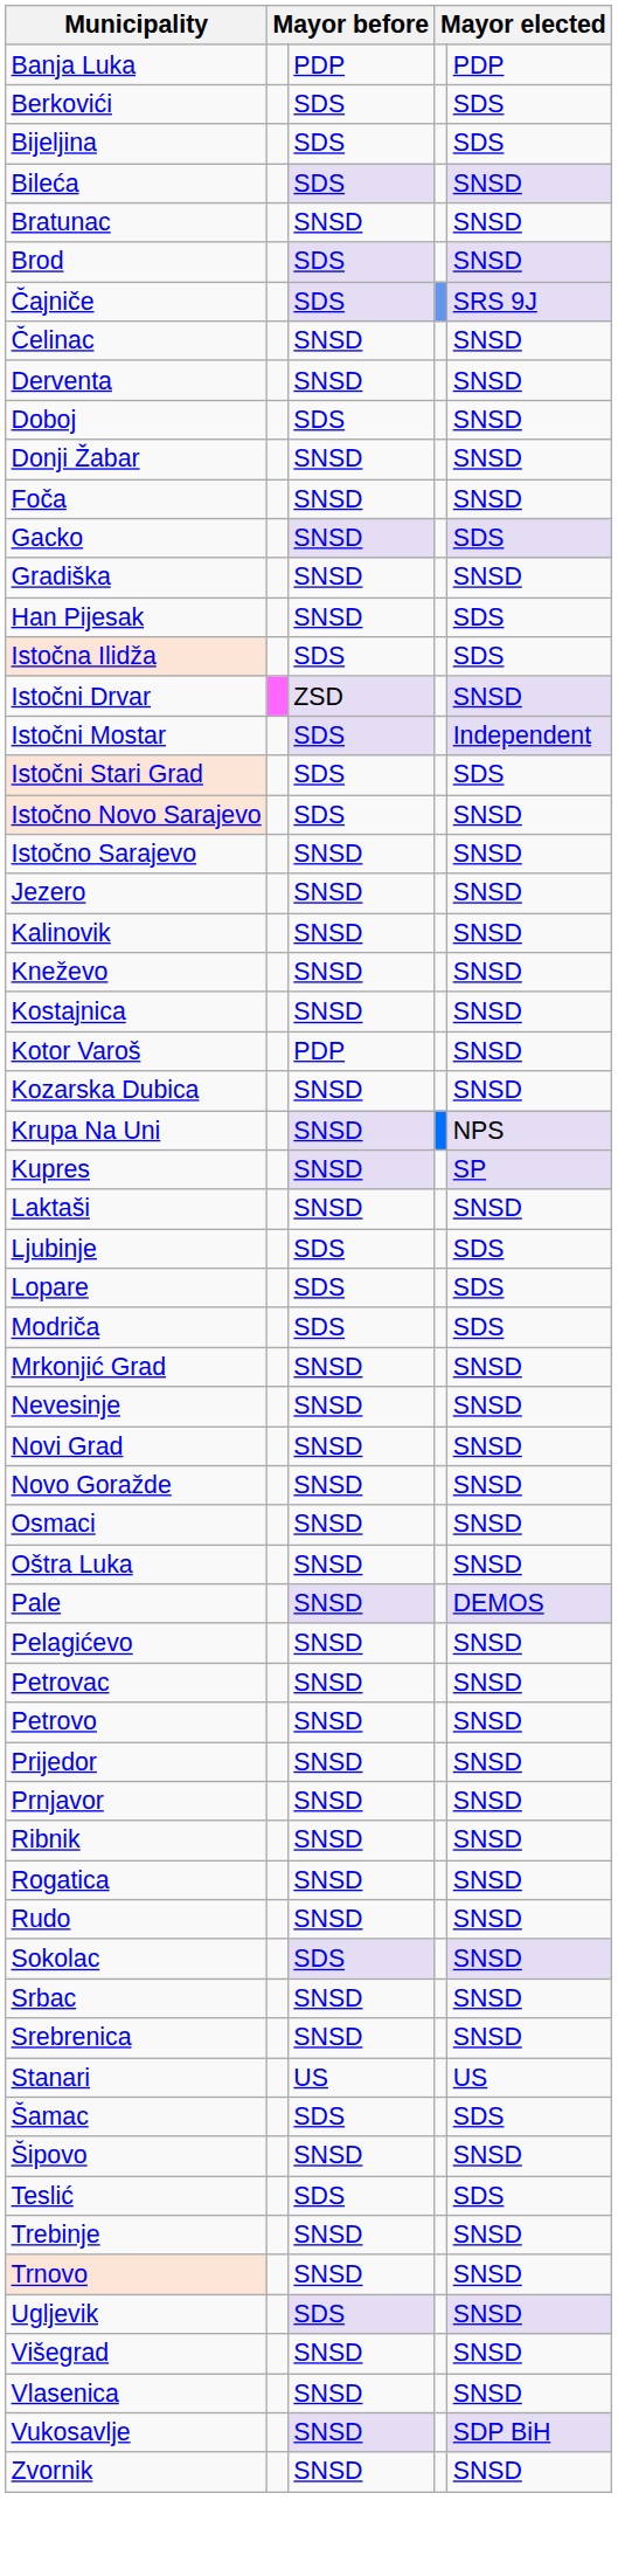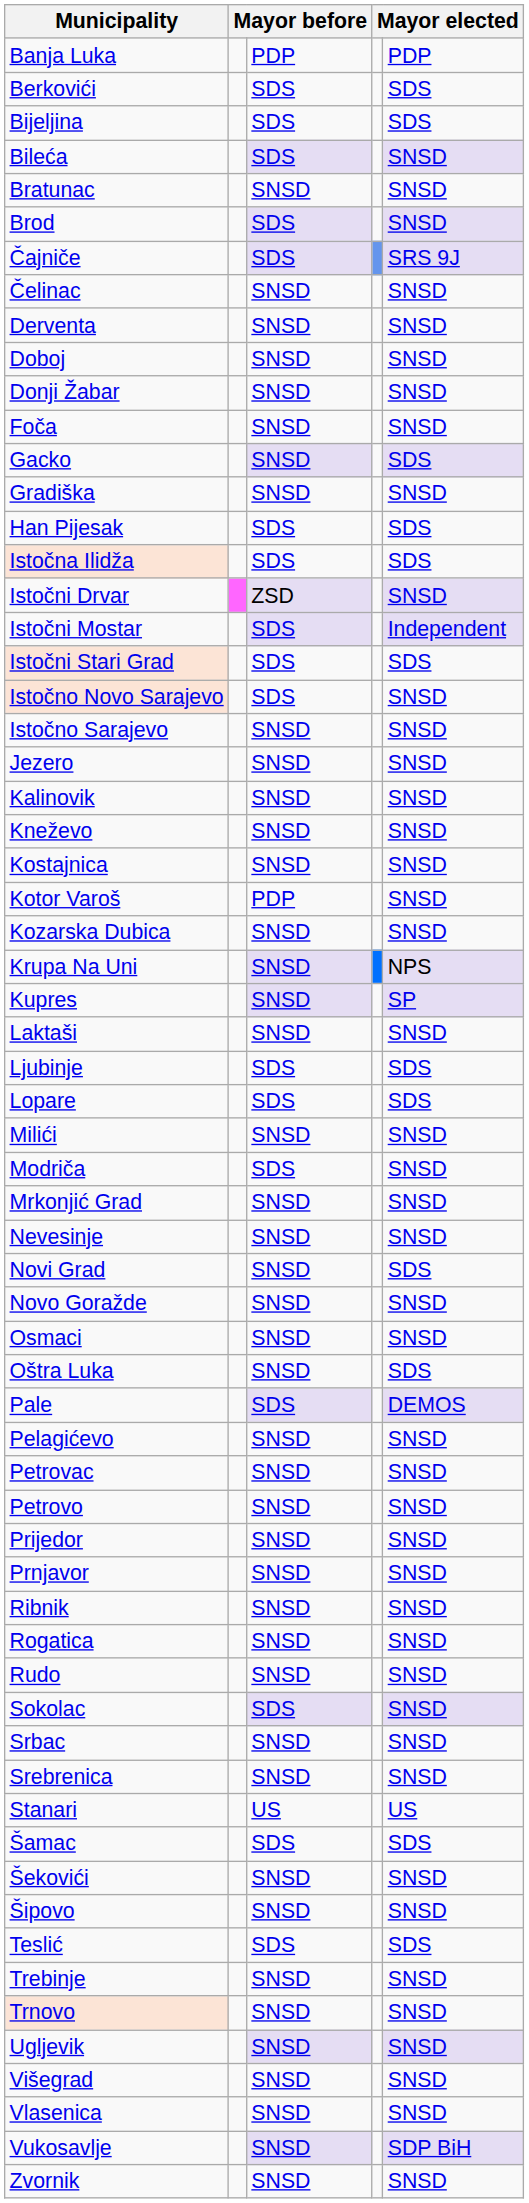 <table class="wikitable sortable">
 <tr>
 <th>Municipality</th>
 <th colspan="2">Mayor before</th>
 <th colspan="2">Mayor elected</th>
 </tr>
 <tr>
 <td><a href='#'>Banja Luka</a></td>
 <td style="background-color:"></td>
 <td><a href='#'>PDP</a></td>
 <td style="background-color:"></td>
 <td><a href='#'>PDP</a></td>
 </tr>
 <tr>
 <td><a href='#'>Berkovići</a></td>
 <td style="background-color:"></td>
 <td><a href='#'>SDS</a></td>
 <td style="background-color:"></td>
 <td><a href='#'>SDS</a></td>
 </tr>
 <tr>
 <td><a href='#'>Bijeljina</a></td>
 <td style="background-color:"></td>
 <td><a href='#'>SDS</a></td>
 <td style="background-color:"></td>
 <td><a href='#'>SDS</a></td>
 </tr>
 <tr>
 <td><a href='#'>Bileća</a></td>
 <td style="background-color:"></td>
 <td style="background-color:#e5ddf3"><a href='#'>SDS</a></td>
 <td style="background-color:"></td>
 <td style="background-color:#e5ddf3"><a href='#'>SNSD</a></td>
 </tr>
 <tr>
 <td><a href='#'>Bratunac</a></td>
 <td style="background-color:"></td>
 <td><a href='#'>SNSD</a></td>
 <td style="background-color:"></td>
 <td><a href='#'>SNSD</a></td>
 </tr>
 <tr>
 <td><a href='#'>Brod</a></td>
 <td style="background-color:"></td>
 <td style="background-color:#e5ddf3"><a href='#'>SDS</a></td>
 <td style="background-color:"></td>
 <td style="background-color:#e5ddf3"><a href='#'>SNSD</a></td>
 </tr>
 <tr>
 <td><a href='#'>Čajniče</a></td>
 <td style="background-color:"></td>
 <td style="background-color:#e5ddf3"><a href='#'>SDS</a></td>
 <td style="background-color:#6495ED"></td>
 <td style="background-color:#e5ddf3"><a href='#'>SRS 9J</a></td>
 </tr>
 <tr>
 <td><a href='#'>Čelinac</a></td>
 <td style="background-color:"></td>
 <td><a href='#'>SNSD</a></td>
 <td style="background-color:"></td>
 <td><a href='#'>SNSD</a></td>
 </tr>
 <tr>
 <td><a href='#'>Derventa</a></td>
 <td style="background-color:"></td>
 <td><a href='#'>SNSD</a></td>
 <td style="background-color:"></td>
 <td><a href='#'>SNSD</a></td>
 </tr>
 <tr>
 <td><a href='#'>Doboj</a></td>
 <td style="background-color:"></td>
-<td><a href='#'>SDS</a></td>
+<td><a href='#'>SNSD</a></td>
 <td style="background-color:"></td>
 <td><a href='#'>SNSD</a></td>
 </tr>
 <tr>
 <td><a href='#'>Donji Žabar</a></td>
 <td style="background-color:"></td>
 <td><a href='#'>SNSD</a></td>
 <td style="background-color:"></td>
 <td><a href='#'>SNSD</a></td>
 </tr>
 <tr>
 <td><a href='#'>Foča</a></td>
 <td style="background-color:"></td>
 <td><a href='#'>SNSD</a></td>
 <td style="background-color:"></td>
 <td><a href='#'>SNSD</a></td>
 </tr>
 <tr>
 <td><a href='#'>Gacko</a></td>
 <td style="background-color:"></td>
 <td style="background-color:#e5ddf3"><a href='#'>SNSD</a></td>
 <td style="background-color:"></td>
 <td style="background-color:#e5ddf3"><a href='#'>SDS</a></td>
 </tr>
 <tr>
 <td><a href='#'>Gradiška</a></td>
 <td style="background-color:"></td>
 <td><a href='#'>SNSD</a></td>
 <td style="background-color:"></td>
 <td><a href='#'>SNSD</a></td>
 </tr>
 <tr>
 <td><a href='#'>Han Pijesak</a></td>
 <td style="background-color:"></td>
-<td><a href='#'>SNSD</a></td>
+<td><a href='#'>SDS</a></td>
 <td style="background-color:"></td>
 <td><a href='#'>SDS</a></td>
 </tr>
 <tr>
 <td style='background:#FCE4D6'><a href='#'>Istočna Ilidža</a></td>
 <td style="background-color:"></td>
 <td><a href='#'>SDS</a></td>
 <td style="background-color:"></td>
 <td><a href='#'>SDS</a></td>
 </tr>
 <tr>
 <td><a href='#'>Istočni Drvar</a></td>
 <td style="background-color:#FF66FF"></td>
 <td style="background-color:#e5ddf3">ZSD</td>
 <td style="background-color:"></td>
 <td style="background-color:#e5ddf3"><a href='#'>SNSD</a></td>
 </tr>
 <tr>
 <td><a href='#'>Istočni Mostar</a></td>
 <td style="background-color:"></td>
 <td style="background-color:#e5ddf3"><a href='#'>SDS</a></td>
 <td style="background-color:"></td>
 <td style="background-color:#e5ddf3"><a href='#'>Independent</a></td>
 </tr>
 <tr>
 <td style='background:#FCE4D6'><a href='#'>Istočni Stari Grad</a></td>
 <td style="background-color:"></td>
 <td><a href='#'>SDS</a></td>
 <td style="background-color:"></td>
 <td><a href='#'>SDS</a></td>
 </tr>
 <tr>
 <td style='background:#FCE4D6'><a href='#'>Istočno Novo Sarajevo</a></td>
 <td style="background-color:"></td>
 <td><a href='#'>SDS</a></td>
 <td style="background-color:"></td>
 <td><a href='#'>SNSD</a></td>
 </tr>
 <tr>
 <td><a href='#'>Istočno Sarajevo</a></td>
 <td style="background-color:"></td>
 <td><a href='#'>SNSD</a></td>
 <td style="background-color:"></td>
 <td><a href='#'>SNSD</a></td>
 </tr>
 <tr>
 <td><a href='#'>Jezero</a></td>
 <td style="background-color:"></td>
 <td><a href='#'>SNSD</a></td>
 <td style="background-color:"></td>
 <td><a href='#'>SNSD</a></td>
 </tr>
 <tr>
 <td><a href='#'>Kalinovik</a></td>
 <td style="background-color:"></td>
 <td><a href='#'>SNSD</a></td>
 <td style="background-color:"></td>
 <td><a href='#'>SNSD</a></td>
 </tr>
 <tr>
 <td><a href='#'>Kneževo</a></td>
 <td style="background-color:"></td>
 <td><a href='#'>SNSD</a></td>
 <td style="background-color:"></td>
 <td><a href='#'>SNSD</a></td>
 </tr>
 <tr>
 <td><a href='#'>Kostajnica</a></td>
 <td style="background-color:"></td>
 <td><a href='#'>SNSD</a></td>
 <td style="background-color:"></td>
 <td><a href='#'>SNSD</a></td>
 </tr>
 <tr>
 <td><a href='#'>Kotor Varoš</a></td>
 <td style="background-color:"></td>
 <td><a href='#'>PDP</a></td>
 <td style="background-color:"></td>
 <td><a href='#'>SNSD</a></td>
 </tr>
 <tr>
 <td><a href='#'>Kozarska Dubica</a></td>
 <td style="background-color:"></td>
 <td><a href='#'>SNSD</a></td>
 <td style="background-color:"></td>
 <td><a href='#'>SNSD</a></td>
 </tr>
 <tr>
 <td><a href='#'>Krupa Na Uni</a></td>
 <td style="background-color:"></td>
 <td style="background-color:#e5ddf3"><a href='#'>SNSD</a></td>
 <td style="background-color:#0070FF"></td>
 <td style="background-color:#e5ddf3">NPS</td>
 </tr>
 <tr>
 <td><a href='#'>Kupres</a></td>
 <td style="background-color:"></td>
 <td style="background-color:#e5ddf3"><a href='#'>SNSD</a></td>
 <td style="background-color:"></td>
 <td style="background-color:#e5ddf3"><a href='#'>SP</a></td>
 </tr>
 <tr>
 <td><a href='#'>Laktaši</a></td>
 <td style="background-color:"></td>
 <td><a href='#'>SNSD</a></td>
 <td style="background-color:"></td>
 <td><a href='#'>SNSD</a></td>
 </tr>
 <tr>
 <td><a href='#'>Ljubinje</a></td>
 <td style="background-color:"></td>
 <td><a href='#'>SDS</a></td>
 <td style="background-color:"></td>
 <td><a href='#'>SDS</a></td>
 </tr>
 <tr>
 <td><a href='#'>Lopare</a></td>
 <td style="background-color:"></td>
 <td><a href='#'>SDS</a></td>
 <td style="background-color:"></td>
 <td><a href='#'>SDS</a></td>
 </tr>
 <tr>
+<td><a href='#'>Milići</a></td>
+<td style="background-color:"></td>
+<td><a href='#'>SNSD</a></td>
+<td style="background-color:"></td>
+<td><a href='#'>SNSD</a></td>
+</tr>
+<tr>
 <td><a href='#'>Modriča</a></td>
 <td style="background-color:"></td>
 <td><a href='#'>SDS</a></td>
 <td style="background-color:"></td>
-<td><a href='#'>SDS</a></td>
+<td><a href='#'>SNSD</a></td>
 </tr>
 <tr>
 <td><a href='#'>Mrkonjić Grad</a></td>
 <td style="background-color:"></td>
 <td><a href='#'>SNSD</a></td>
 <td style="background-color:"></td>
 <td><a href='#'>SNSD</a></td>
 </tr>
 <tr>
 <td><a href='#'>Nevesinje</a></td>
 <td style="background-color:"></td>
 <td><a href='#'>SNSD</a></td>
 <td style="background-color:"></td>
 <td><a href='#'>SNSD</a></td>
 </tr>
 <tr>
 <td><a href='#'>Novi Grad</a></td>
 <td style="background-color:"></td>
 <td><a href='#'>SNSD</a></td>
 <td style="background-color:"></td>
-<td><a href='#'>SNSD</a></td>
+<td><a href='#'>SDS</a></td>
 </tr>
 <tr>
 <td><a href='#'>Novo Goražde</a></td>
 <td style="background-color:"></td>
 <td><a href='#'>SNSD</a></td>
 <td style="background-color:"></td>
 <td><a href='#'>SNSD</a></td>
 </tr>
 <tr>
 <td><a href='#'>Osmaci</a></td>
 <td style="background-color:"></td>
 <td><a href='#'>SNSD</a></td>
 <td style="background-color:"></td>
 <td><a href='#'>SNSD</a></td>
 </tr>
 <tr>
 <td><a href='#'>Oštra Luka</a></td>
 <td style="background-color:"></td>
 <td><a href='#'>SNSD</a></td>
 <td style="background-color:"></td>
-<td><a href='#'>SNSD</a></td>
+<td><a href='#'>SDS</a></td>
 </tr>
 <tr>
 <td><a href='#'>Pale</a></td>
 <td style="background-color:"></td>
-<td style="background-color:#e5ddf3"><a href='#'>SNSD</a></td>
+<td style="background-color:#e5ddf3"><a href='#'>SDS</a></td>
 <td style="background-color:"></td>
 <td style="background-color:#e5ddf3"><a href='#'>DEMOS</a></td>
 </tr>
 <tr>
 <td><a href='#'>Pelagićevo</a></td>
 <td style="background-color:"></td>
 <td><a href='#'>SNSD</a></td>
 <td style="background-color:"></td>
 <td><a href='#'>SNSD</a></td>
 </tr>
 <tr>
 <td><a href='#'>Petrovac</a></td>
 <td style="background-color:"></td>
 <td><a href='#'>SNSD</a></td>
 <td style="background-color:"></td>
 <td><a href='#'>SNSD</a></td>
 </tr>
 <tr>
 <td><a href='#'>Petrovo</a></td>
 <td style="background-color:"></td>
 <td><a href='#'>SNSD</a></td>
 <td style="background-color:"></td>
 <td><a href='#'>SNSD</a></td>
 </tr>
 <tr>
 <td><a href='#'>Prijedor</a></td>
 <td style="background-color:"></td>
 <td><a href='#'>SNSD</a></td>
 <td style="background-color:"></td>
 <td><a href='#'>SNSD</a></td>
 </tr>
 <tr>
 <td><a href='#'>Prnjavor</a></td>
 <td style="background-color:"></td>
 <td><a href='#'>SNSD</a></td>
 <td style="background-color:"></td>
 <td><a href='#'>SNSD</a></td>
 </tr>
 <tr>
 <td><a href='#'>Ribnik</a></td>
 <td style="background-color:"></td>
 <td><a href='#'>SNSD</a></td>
 <td style="background-color:"></td>
 <td><a href='#'>SNSD</a></td>
 </tr>
 <tr>
 <td><a href='#'>Rogatica</a></td>
 <td style="background-color:"></td>
 <td><a href='#'>SNSD</a></td>
 <td style="background-color:"></td>
 <td><a href='#'>SNSD</a></td>
 </tr>
 <tr>
 <td><a href='#'>Rudo</a></td>
 <td style="background-color:"></td>
 <td><a href='#'>SNSD</a></td>
 <td style="background-color:"></td>
 <td><a href='#'>SNSD</a></td>
 </tr>
 <tr>
 <td><a href='#'>Sokolac</a></td>
 <td style="background-color:"></td>
 <td style="background-color:#e5ddf3"><a href='#'>SDS</a></td>
 <td style="background-color:"></td>
 <td style="background-color:#e5ddf3"><a href='#'>SNSD</a></td>
 </tr>
 <tr>
 <td><a href='#'>Srbac</a></td>
 <td style="background-color:"></td>
 <td><a href='#'>SNSD</a></td>
 <td style="background-color:"></td>
 <td><a href='#'>SNSD</a></td>
 </tr>
 <tr>
 <td><a href='#'>Srebrenica</a></td>
 <td style="background-color:"></td>
 <td><a href='#'>SNSD</a></td>
 <td style="background-color:"></td>
 <td><a href='#'>SNSD</a></td>
 </tr>
 <tr>
 <td><a href='#'>Stanari</a></td>
 <td style="background-color:"></td>
 <td><a href='#'>US</a></td>
 <td style="background-color:"></td>
 <td><a href='#'>US</a></td>
 </tr>
 <tr>
 <td><a href='#'>Šamac</a></td>
 <td style="background-color:"></td>
 <td><a href='#'>SDS</a></td>
 <td style="background-color:"></td>
 <td><a href='#'>SDS</a></td>
 </tr>
 <tr>
+<td><a href='#'>Šekovići</a></td>
+<td style="background-color:"></td>
+<td><a href='#'>SNSD</a></td>
+<td style="background-color:"></td>
+<td><a href='#'>SNSD</a></td>
+</tr>
+<tr>
 <td><a href='#'>Šipovo</a></td>
 <td style="background-color:"></td>
 <td><a href='#'>SNSD</a></td>
 <td style="background-color:"></td>
 <td><a href='#'>SNSD</a></td>
 </tr>
 <tr>
 <td><a href='#'>Teslić</a></td>
 <td style="background-color:"></td>
 <td><a href='#'>SDS</a></td>
 <td style="background-color:"></td>
 <td><a href='#'>SDS</a></td>
 </tr>
 <tr>
 <td><a href='#'>Trebinje</a></td>
 <td style="background-color:"></td>
 <td><a href='#'>SNSD</a></td>
 <td style="background-color:"></td>
 <td><a href='#'>SNSD</a></td>
 </tr>
 <tr>
 <td style='background:#FCE4D6'><a href='#'>Trnovo</a></td>
 <td style="background-color:"></td>
 <td><a href='#'>SNSD</a></td>
 <td style="background-color:"></td>
 <td><a href='#'>SNSD</a></td>
 </tr>
 <tr>
 <td><a href='#'>Ugljevik</a></td>
 <td style="background-color:"></td>
-<td style="background-color:#e5ddf3"><a href='#'>SDS</a></td>
+<td style="background-color:#e5ddf3"><a href='#'>SNSD</a></td>
 <td style="background-color:"></td>
 <td style="background-color:#e5ddf3"><a href='#'>SNSD</a></td>
 </tr>
 <tr>
 <td><a href='#'>Višegrad</a></td>
 <td style="background-color:"></td>
 <td><a href='#'>SNSD</a></td>
 <td style="background-color:"></td>
 <td><a href='#'>SNSD</a></td>
 </tr>
 <tr>
 <td><a href='#'>Vlasenica</a></td>
 <td style="background-color:"></td>
 <td><a href='#'>SNSD</a></td>
 <td style="background-color:"></td>
 <td><a href='#'>SNSD</a></td>
 </tr>
 <tr>
 <td><a href='#'>Vukosavlje</a></td>
 <td style="background-color:"></td>
 <td style="background-color:#e5ddf3"><a href='#'>SNSD</a></td>
 <td style="background-color:"></td>
 <td style="background-color:#e5ddf3"><a href='#'>SDP BiH</a></td>
 </tr>
 <tr>
 <td><a href='#'>Zvornik</a></td>
 <td style="background-color:"></td>
 <td><a href='#'>SNSD</a></td>
 <td style="background-color:"></td>
 <td><a href='#'>SNSD</a></td>
 </tr>
 </table>
